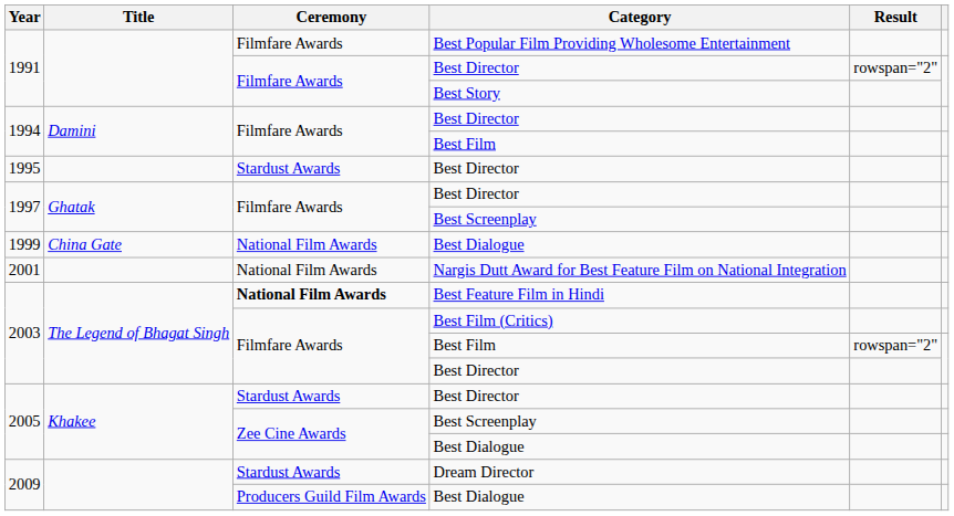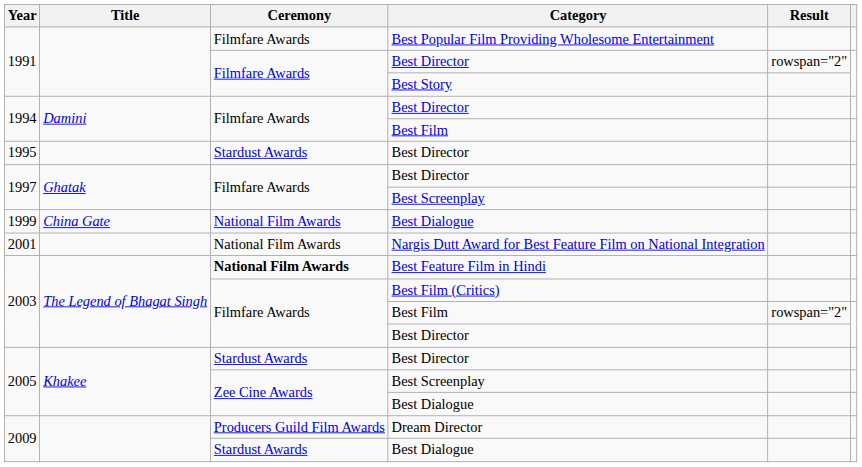 <table class="wikitable sortable">
 <tr>
 <th scope="col">Year</th>
 <th scope="col">Title</th>
 <th scope="col">Ceremony</th>
 <th scope="col">Category</th>
 <th scope="col">Result</th>
 <th scope="col" class="unsortable"></th>
 </tr>
 <tr>
 <td rowspan="3">1991</td>
 <td rowspan="3"></td>
 <td>Filmfare Awards</td>
 <td><a href='#'>Best Popular Film Providing Wholesome Entertainment</a></td>
 <td></td>
 <td></td>
 </tr>
 <tr>
 <td rowspan="2"><a href='#'>Filmfare Awards</a></td>
 <td><a href='#'>Best Director</a></td>
 <td>rowspan="2" </td>
 <td rowspan="2"></td>
 </tr>
 <tr>
 <td><a href='#'>Best Story</a></td>
 </tr>
 <tr>
 <td rowspan="2">1994</td>
 <td rowspan="2"><em><a href='#'>Damini</a></em></td>
 <td rowspan="2">Filmfare Awards</td>
 <td><a href='#'>Best Director</a></td>
 <td></td>
 </tr>
 <tr>
 <td><a href='#'>Best Film</a></td>
 <td></td>
 <td></td>
 </tr>
 <tr>
 <td>1995</td>
 <td></td>
 <td><a href='#'>Stardust Awards</a></td>
 <td>Best Director</td>
 <td></td>
 <td></td>
 </tr>
 <tr>
 <td rowspan="2">1997</td>
 <td rowspan="2"><em><a href='#'>Ghatak</a></em></td>
 <td rowspan="2">Filmfare Awards</td>
 <td>Best Director</td>
 <td></td>
 <td></td>
 </tr>
 <tr>
 <td><a href='#'>Best Screenplay</a></td>
 <td></td>
 </tr>
 <tr>
 <td>1999</td>
 <td><em><a href='#'>China Gate</a></em></td>
 <td><a href='#'>National Film Awards</a></td>
 <td><a href='#'>Best Dialogue</a></td>
 <td></td>
 <td></td>
 </tr>
 <tr>
 <td>2001</td>
 <td></td>
 <td>National Film Awards</td>
 <td><a href='#'>Nargis Dutt Award for Best Feature Film on National Integration</a></td>
 <td></td>
 <td></td>
 </tr>
 <tr>
 <td rowspan="4">2003</td>
 <td rowspan="4"><em><a href='#'>The Legend of Bhagat Singh</a></em></td>
 <td><strong>National Film Awards</strong></td>
 <td><a href='#'>Best Feature Film in Hindi</a></td>
 <td></td>
 <td></td>
 </tr>
 <tr>
 <td rowspan="3">Filmfare Awards</td>
 <td><a href='#'>Best Film (Critics)</a></td>
 <td></td>
 <td></td>
 </tr>
 <tr>
 <td>Best Film</td>
 <td>rowspan="2" </td>
 <td rowspan="2"></td>
 </tr>
 <tr>
 <td>Best Director</td>
 </tr>
 <tr>
 <td rowspan="3">2005</td>
 <td rowspan="3"><em><a href='#'>Khakee</a></em></td>
 <td><a href='#'>Stardust Awards</a></td>
 <td>Best Director</td>
 <td></td>
 <td></td>
 </tr>
 <tr>
 <td rowspan="2"><a href='#'>Zee Cine Awards</a></td>
 <td>Best Screenplay</td>
 <td></td>
 <td></td>
 </tr>
 <tr>
 <td>Best Dialogue</td>
 <td></td>
 <td></td>
 </tr>
 <tr>
 <td rowspan="2">2009</td>
 <td rowspan="2"></td>
-<td><a href='#'>Stardust Awards</a></td>
+<td><a href='#'>Producers Guild Film Awards</a></td>
 <td>Dream Director</td>
 <td></td>
 <td></td>
 </tr>
 <tr>
-<td><a href='#'>Producers Guild Film Awards</a></td>
+<td><a href='#'>Stardust Awards</a></td>
 <td>Best Dialogue</td>
 <td></td>
 <td></td>
 </tr>
 </table>
